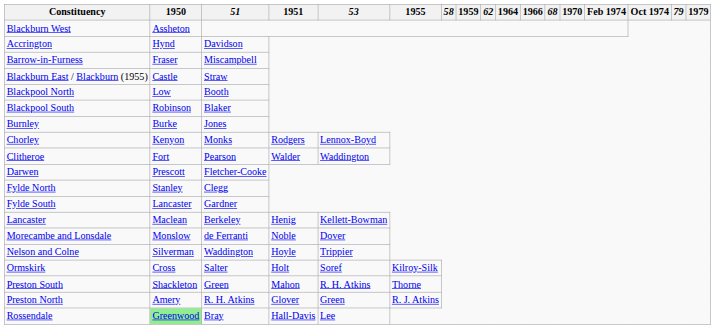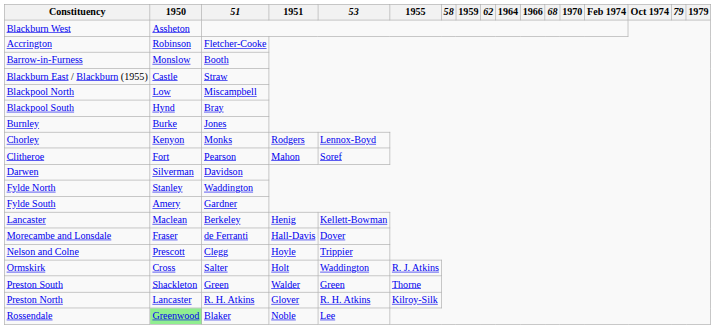 <table class=wikitable>
 <tr>
 <th>Constituency</th>
 <th>1950</th>
 <th><em>51</em></th>
 <th>1951</th>
 <th><em>53</em></th>
 <th>1955</th>
 <th><em>58</em></th>
 <th>1959</th>
 <th><em>62</em></th>
 <th>1964</th>
 <th>1966</th>
 <th><em>68</em></th>
 <th>1970</th>
 <th>Feb 1974</th>
 <th>Oct 1974</th>
 <th><em>79</em></th>
 <th>1979</th>
 </tr>
 <tr>
 <td><a href='#'>Blackburn West</a></td>
 <td><a href='#'>Assheton</a></td>
 <td colspan="12"></td>
 </tr>
 <tr>
 <td><a href='#'>Accrington</a></td>
-<td><a href='#'>Hynd</a></td>
-<td><a href='#'>Davidson</a></td>
+<td><a href='#'>Robinson</a></td>
+<td><a href='#'>Fletcher-Cooke</a></td>
 </tr>
 <tr>
 <td><a href='#'>Barrow-in-Furness</a></td>
-<td><a href='#'>Fraser</a></td>
-<td><a href='#'>Miscampbell</a></td>
+<td><a href='#'>Monslow</a></td>
+<td><a href='#'>Booth</a></td>
 </tr>
 <tr>
 <td><a href='#'>Blackburn East</a> / <a href='#'>Blackburn</a> (1955)</td>
 <td><a href='#'>Castle</a></td>
 <td><a href='#'>Straw</a></td>
 </tr>
 <tr>
 <td><a href='#'>Blackpool North</a></td>
 <td><a href='#'>Low</a></td>
-<td><a href='#'>Booth</a></td>
+<td><a href='#'>Miscampbell</a></td>
 </tr>
 <tr>
 <td><a href='#'>Blackpool South</a></td>
-<td><a href='#'>Robinson</a></td>
-<td><a href='#'>Blaker</a></td>
+<td><a href='#'>Hynd</a></td>
+<td><a href='#'>Bray</a></td>
 </tr>
 <tr>
 <td><a href='#'>Burnley</a></td>
 <td><a href='#'>Burke</a></td>
 <td><a href='#'>Jones</a></td>
 </tr>
 <tr>
 <td><a href='#'>Chorley</a></td>
 <td><a href='#'>Kenyon</a></td>
 <td><a href='#'>Monks</a></td>
 <td><a href='#'>Rodgers</a></td>
 <td><a href='#'>Lennox-Boyd</a></td>
 </tr>
 <tr>
 <td><a href='#'>Clitheroe</a></td>
 <td><a href='#'>Fort</a></td>
 <td><a href='#'>Pearson</a></td>
-<td><a href='#'>Walder</a></td>
-<td><a href='#'>Waddington</a></td>
+<td><a href='#'>Mahon</a></td>
+<td><a href='#'>Soref</a></td>
 </tr>
 <tr>
 <td><a href='#'>Darwen</a></td>
-<td><a href='#'>Prescott</a></td>
-<td><a href='#'>Fletcher-Cooke</a></td>
+<td><a href='#'>Silverman</a></td>
+<td><a href='#'>Davidson</a></td>
 </tr>
 <tr>
 <td><a href='#'>Fylde North</a></td>
 <td><a href='#'>Stanley</a></td>
-<td><a href='#'>Clegg</a></td>
+<td><a href='#'>Waddington</a></td>
 </tr>
 <tr>
 <td><a href='#'>Fylde South</a></td>
-<td><a href='#'>Lancaster</a></td>
+<td><a href='#'>Amery</a></td>
 <td><a href='#'>Gardner</a></td>
 </tr>
 <tr>
 <td><a href='#'>Lancaster</a></td>
 <td><a href='#'>Maclean</a></td>
 <td><a href='#'>Berkeley</a></td>
 <td><a href='#'>Henig</a></td>
 <td><a href='#'>Kellett-Bowman</a></td>
 </tr>
 <tr>
 <td><a href='#'>Morecambe and Lonsdale</a></td>
-<td><a href='#'>Monslow</a></td>
+<td><a href='#'>Fraser</a></td>
 <td><a href='#'>de Ferranti</a></td>
-<td><a href='#'>Noble</a></td>
+<td><a href='#'>Hall-Davis</a></td>
 <td><a href='#'>Dover</a></td>
 </tr>
 <tr>
 <td><a href='#'>Nelson and Colne</a></td>
-<td><a href='#'>Silverman</a></td>
-<td><a href='#'>Waddington</a></td>
+<td><a href='#'>Prescott</a></td>
+<td><a href='#'>Clegg</a></td>
 <td><a href='#'>Hoyle</a></td>
 <td><a href='#'>Trippier</a></td>
 </tr>
 <tr>
 <td><a href='#'>Ormskirk</a></td>
 <td><a href='#'>Cross</a></td>
 <td><a href='#'>Salter</a></td>
 <td><a href='#'>Holt</a></td>
-<td><a href='#'>Soref</a></td>
-<td><a href='#'>Kilroy-Silk</a></td>
+<td><a href='#'>Waddington</a></td>
+<td><a href='#'>R. J. Atkins</a></td>
 </tr>
 <tr>
 <td><a href='#'>Preston South</a></td>
 <td><a href='#'>Shackleton</a></td>
 <td><a href='#'>Green</a></td>
-<td><a href='#'>Mahon</a></td>
-<td><a href='#'>R. H. Atkins</a></td>
+<td><a href='#'>Walder</a></td>
+<td><a href='#'>Green</a></td>
 <td><a href='#'>Thorne</a></td>
 </tr>
 <tr>
 <td><a href='#'>Preston North</a></td>
-<td><a href='#'>Amery</a></td>
+<td><a href='#'>Lancaster</a></td>
 <td><a href='#'>R. H. Atkins</a></td>
 <td><a href='#'>Glover</a></td>
-<td><a href='#'>Green</a></td>
-<td><a href='#'>R. J. Atkins</a></td>
+<td><a href='#'>R. H. Atkins</a></td>
+<td><a href='#'>Kilroy-Silk</a></td>
 </tr>
 <tr>
 <td><a href='#'>Rossendale</a></td>
 <td style="background: lightgreen;"><a href='#'>Greenwood</a></td>
-<td><a href='#'>Bray</a></td>
-<td><a href='#'>Hall-Davis</a></td>
+<td><a href='#'>Blaker</a></td>
+<td><a href='#'>Noble</a></td>
 <td><a href='#'>Lee</a></td>
 </tr>
 </table>
